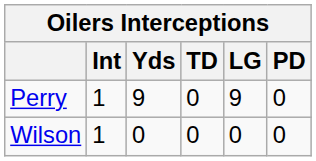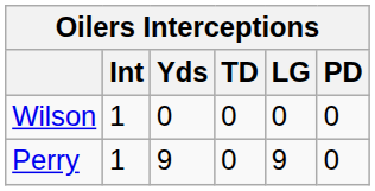 <table class="wikitable">
 <tr>
 <th colspan="6">Oilers Interceptions</th>
 </tr>
 <tr>
 <th></th>
 <th>Int</th>
 <th>Yds</th>
 <th>TD</th>
 <th>LG</th>
 <th>PD</th>
 </tr>
 <tr>
+<td><a href='#'>Wilson</a></td>
+<td>1</td>
+<td>0</td>
+<td>0</td>
+<td>0</td>
+<td>0</td>
+</tr>
+<tr>
 <td><a href='#'>Perry</a></td>
 <td>1</td>
 <td>9</td>
 <td>0</td>
 <td>9</td>
 <td>0</td>
 </tr>
-<tr>
-<td><a href='#'>Wilson</a></td>
-<td>1</td>
-<td>0</td>
-<td>0</td>
-<td>0</td>
-<td>0</td>
-</tr>
 </table>
